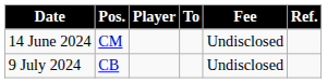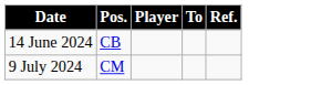 <table class="wikitable plainrowheaders sortable">
 <tr>
 <th style="background:black; color:#FFFFFF;">Date</th>
 <th style="background:black; color:#FFFFFF;">Pos.</th>
 <th style="background:black; color:#FFFFFF;">Player</th>
 <th style="background:black; color:#FFFFFF;">To</th>
-<th style="background:black; color:#FFFFFF;">Fee</th>
 <th style="background:black; color:#FFFFFF;">Ref.</th>
 </tr>
 <tr>
 <td>14 June 2024</td>
-<td><a href='#'>CM</a></td>
+<td><a href='#'>CB</a></td>
 <td></td>
 <td></td>
-<td>Undisclosed</td>
 <td></td>
 </tr>
 <tr>
 <td>9 July 2024</td>
-<td><a href='#'>CB</a></td>
+<td><a href='#'>CM</a></td>
 <td></td>
 <td></td>
-<td>Undisclosed</td>
 <td></td>
 </tr>
 </table>
